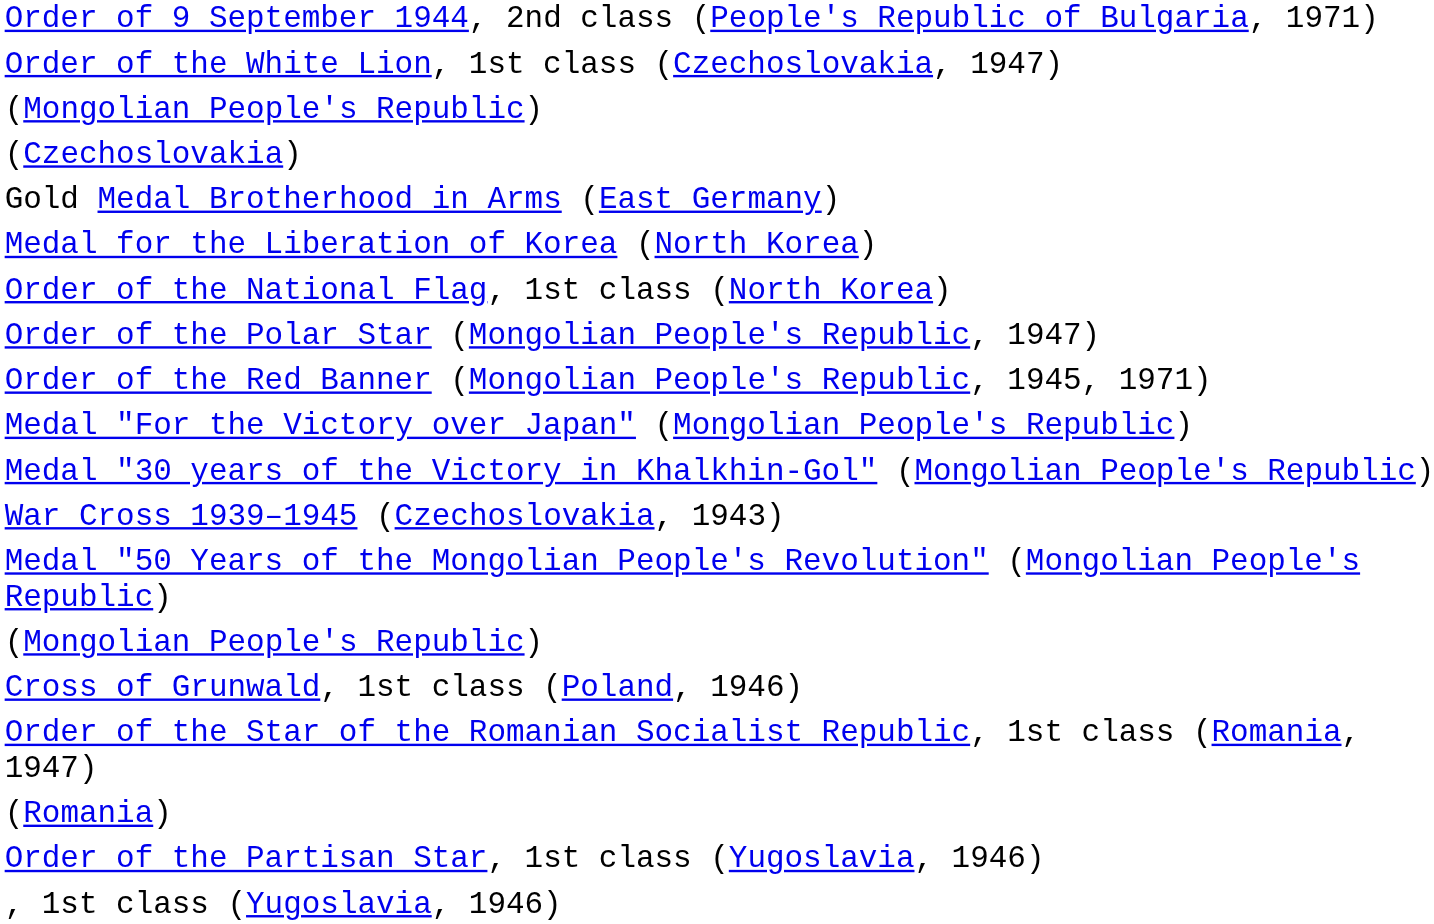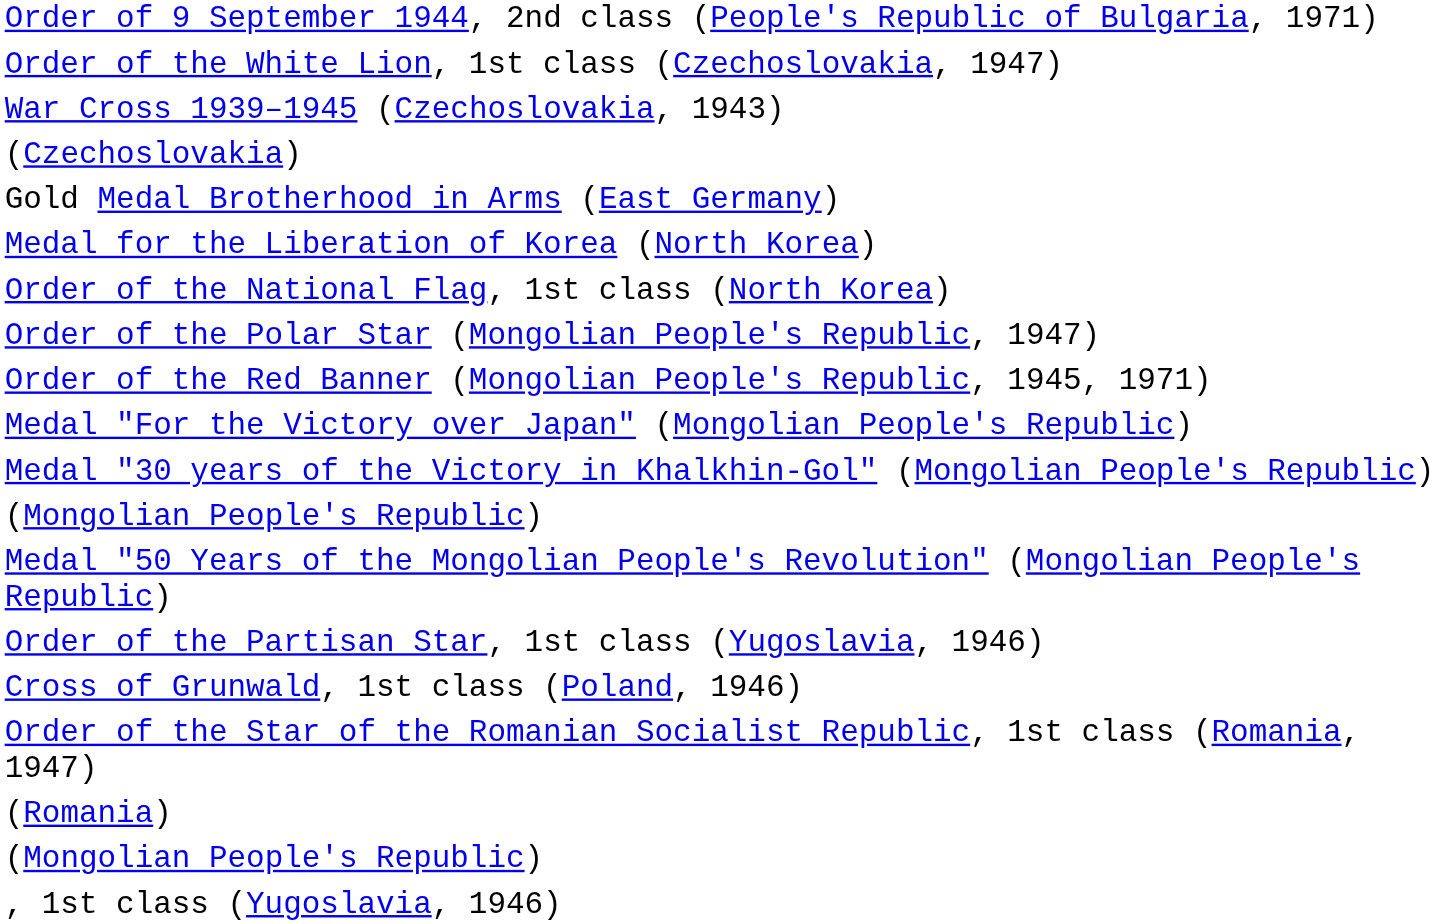 <table>
 <tr>
 <td></td>
 <td><a href='#'>Order of 9 September 1944</a>, 2nd class (<a href='#'>People's Republic of Bulgaria</a>, 1971)</td>
 </tr>
 <tr>
 <td></td>
 <td><a href='#'>Order of the White Lion</a>, 1st class (<a href='#'>Czechoslovakia</a>, 1947)</td>
 </tr>
 <tr>
 <td></td>
-<td> (<a href='#'>Mongolian People's Republic</a>)</td>
+<td><a href='#'>War Cross 1939–1945</a> (<a href='#'>Czechoslovakia</a>, 1943)</td>
 </tr>
 <tr>
 <td></td>
 <td> (<a href='#'>Czechoslovakia</a>)</td>
 </tr>
 <tr>
 <td></td>
 <td>Gold <a href='#'>Medal Brotherhood in Arms</a> (<a href='#'>East Germany</a>)</td>
 </tr>
 <tr>
 <td></td>
 <td><a href='#'>Medal for the Liberation of Korea</a> (<a href='#'>North Korea</a>)</td>
 </tr>
 <tr>
 <td></td>
 <td><a href='#'>Order of the National Flag</a>, 1st class (<a href='#'>North Korea</a>)</td>
 </tr>
 <tr>
 <td></td>
 <td><a href='#'>Order of the Polar Star</a> (<a href='#'>Mongolian People's Republic</a>, 1947)</td>
 </tr>
 <tr>
 <td></td>
 <td><a href='#'>Order of the Red Banner</a> (<a href='#'>Mongolian People's Republic</a>, 1945, 1971)</td>
 </tr>
 <tr>
 <td></td>
 <td><a href='#'>Medal "For the Victory over Japan"</a> (<a href='#'>Mongolian People's Republic</a>)</td>
 </tr>
 <tr>
 <td></td>
 <td><a href='#'>Medal "30 years of the Victory in Khalkhin-Gol"</a> (<a href='#'>Mongolian People's Republic</a>)</td>
 </tr>
 <tr>
 <td></td>
-<td><a href='#'>War Cross 1939–1945</a> (<a href='#'>Czechoslovakia</a>, 1943)</td>
+<td> (<a href='#'>Mongolian People's Republic</a>)</td>
 </tr>
 <tr>
 <td></td>
 <td><a href='#'>Medal "50 Years of the Mongolian People's Revolution"</a> (<a href='#'>Mongolian People's Republic</a>)</td>
 </tr>
 <tr>
 <td></td>
-<td> (<a href='#'>Mongolian People's Republic</a>)</td>
+<td><a href='#'>Order of the Partisan Star</a>, 1st class (<a href='#'>Yugoslavia</a>, 1946)</td>
 </tr>
 <tr>
 <td></td>
 <td><a href='#'>Cross of Grunwald</a>, 1st class (<a href='#'>Poland</a>, 1946)</td>
 </tr>
 <tr>
 <td></td>
 <td><a href='#'>Order of the Star of the Romanian Socialist Republic</a>, 1st class (<a href='#'>Romania</a>, 1947)</td>
 </tr>
 <tr>
 <td></td>
 <td> (<a href='#'>Romania</a>)</td>
 </tr>
 <tr>
 <td></td>
-<td><a href='#'>Order of the Partisan Star</a>, 1st class (<a href='#'>Yugoslavia</a>, 1946)</td>
+<td> (<a href='#'>Mongolian People's Republic</a>)</td>
 </tr>
 <tr>
 <td></td>
 <td>, 1st class (<a href='#'>Yugoslavia</a>, 1946)</td>
 </tr>
 <tr>
 </tr>
 </table>
